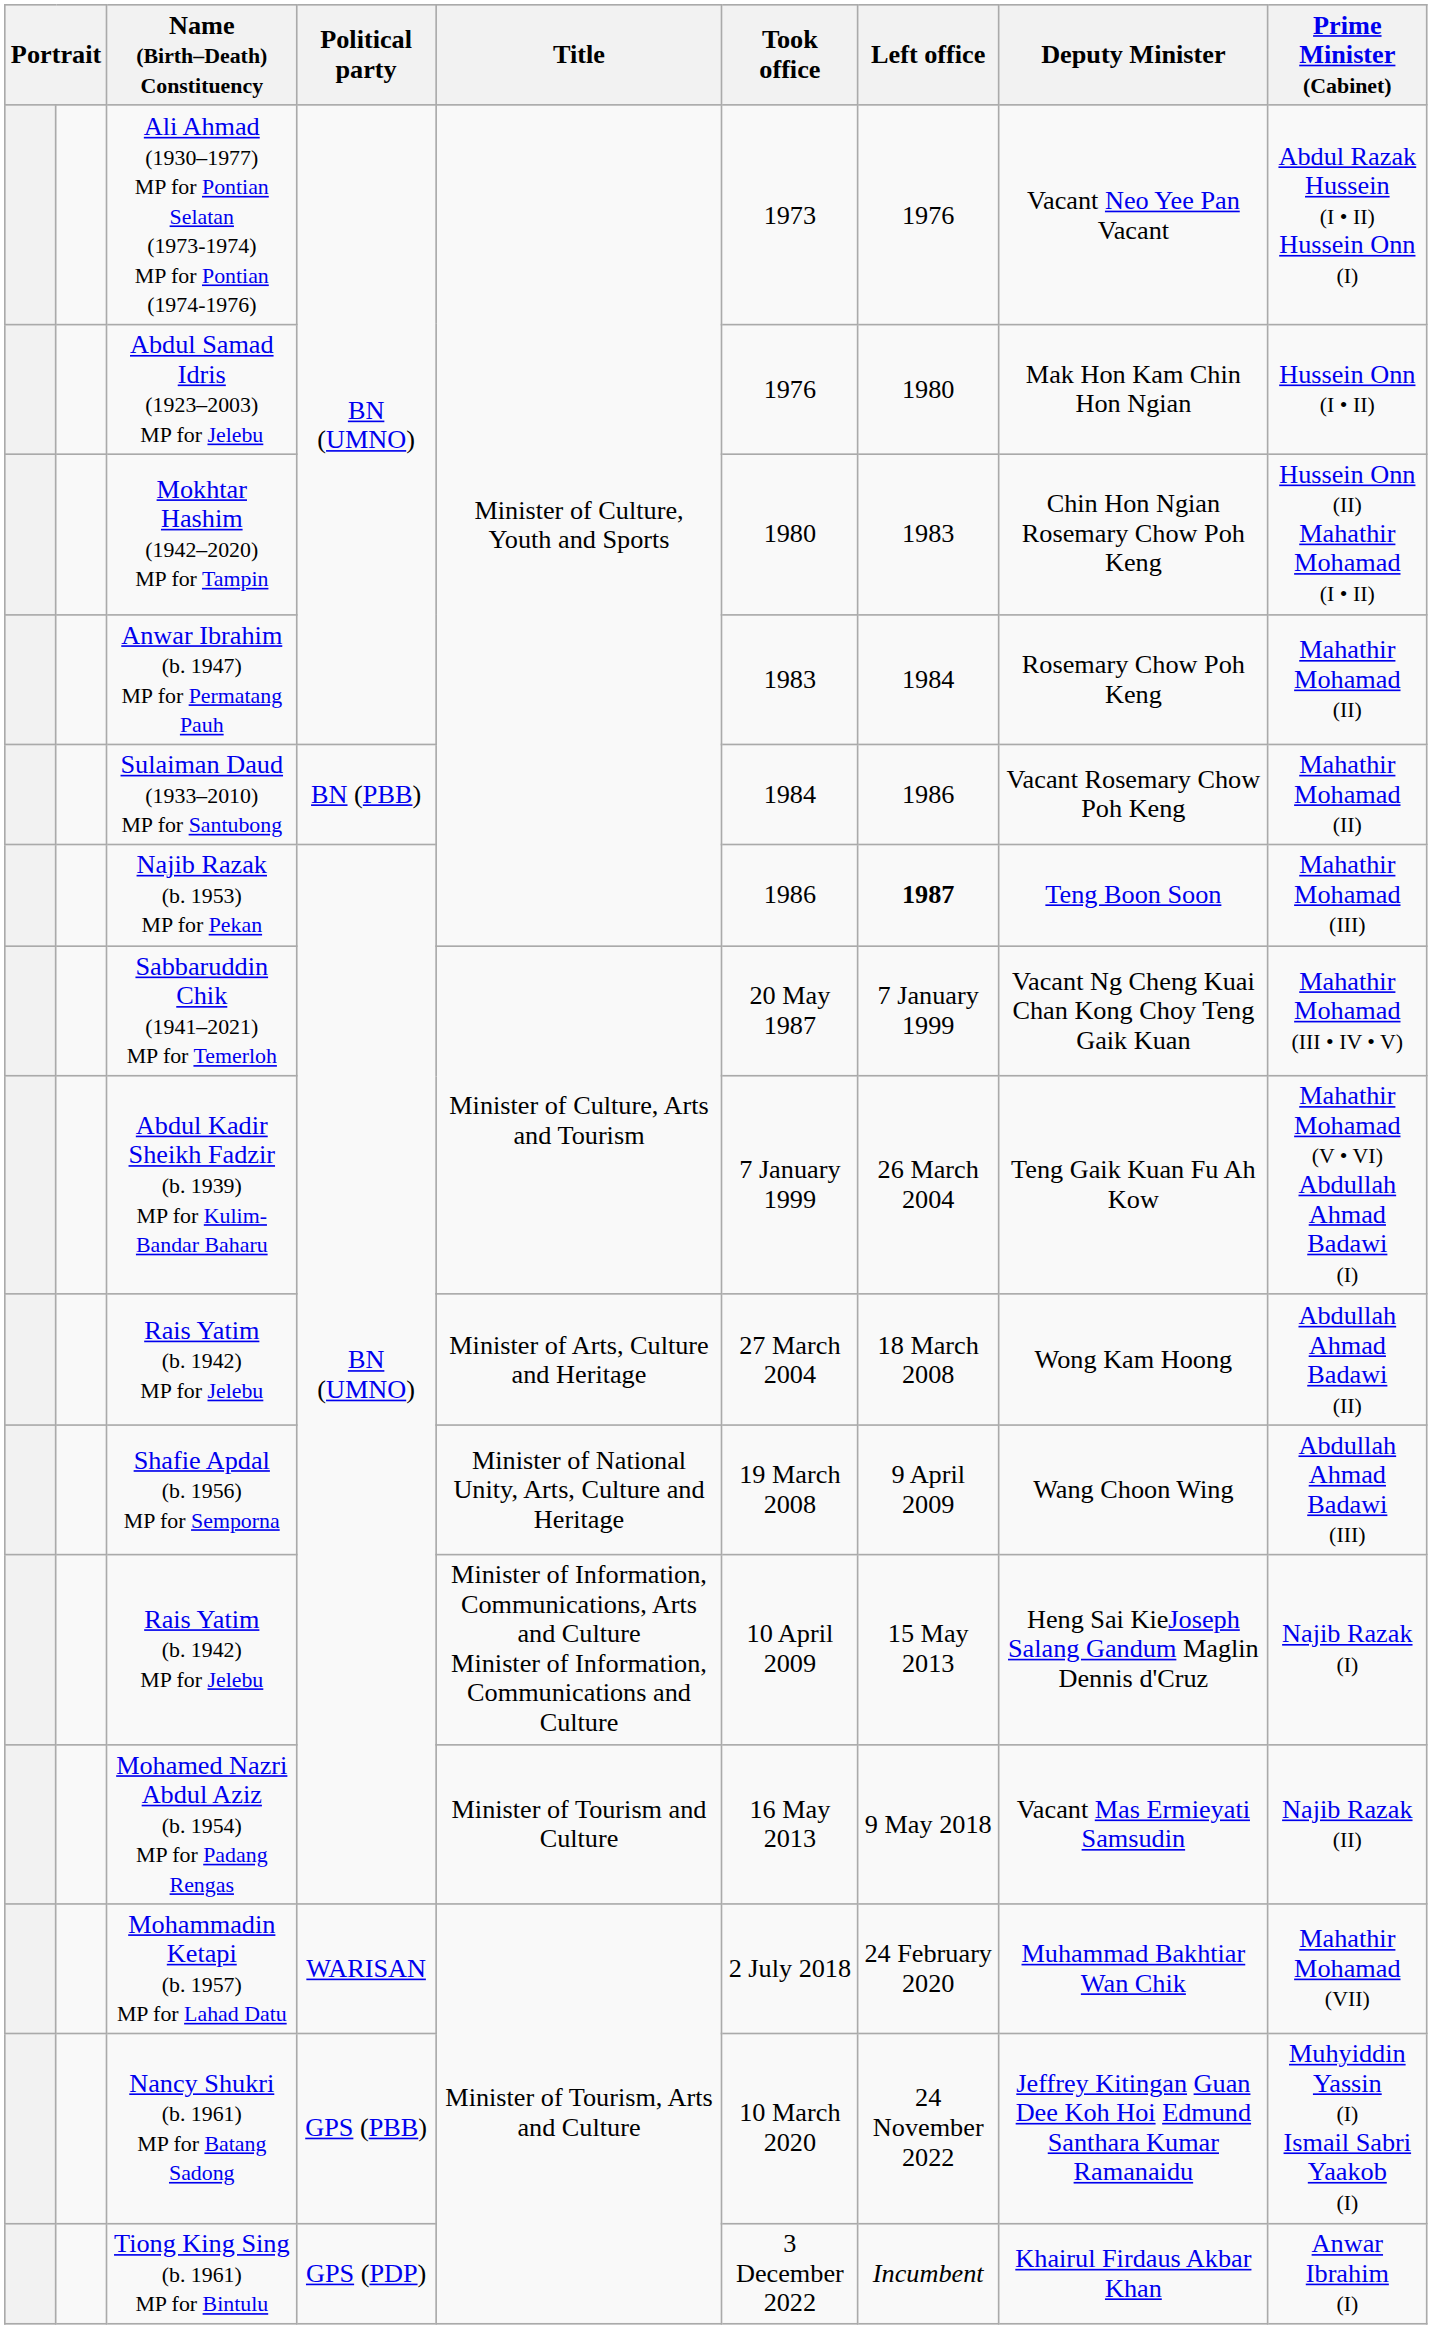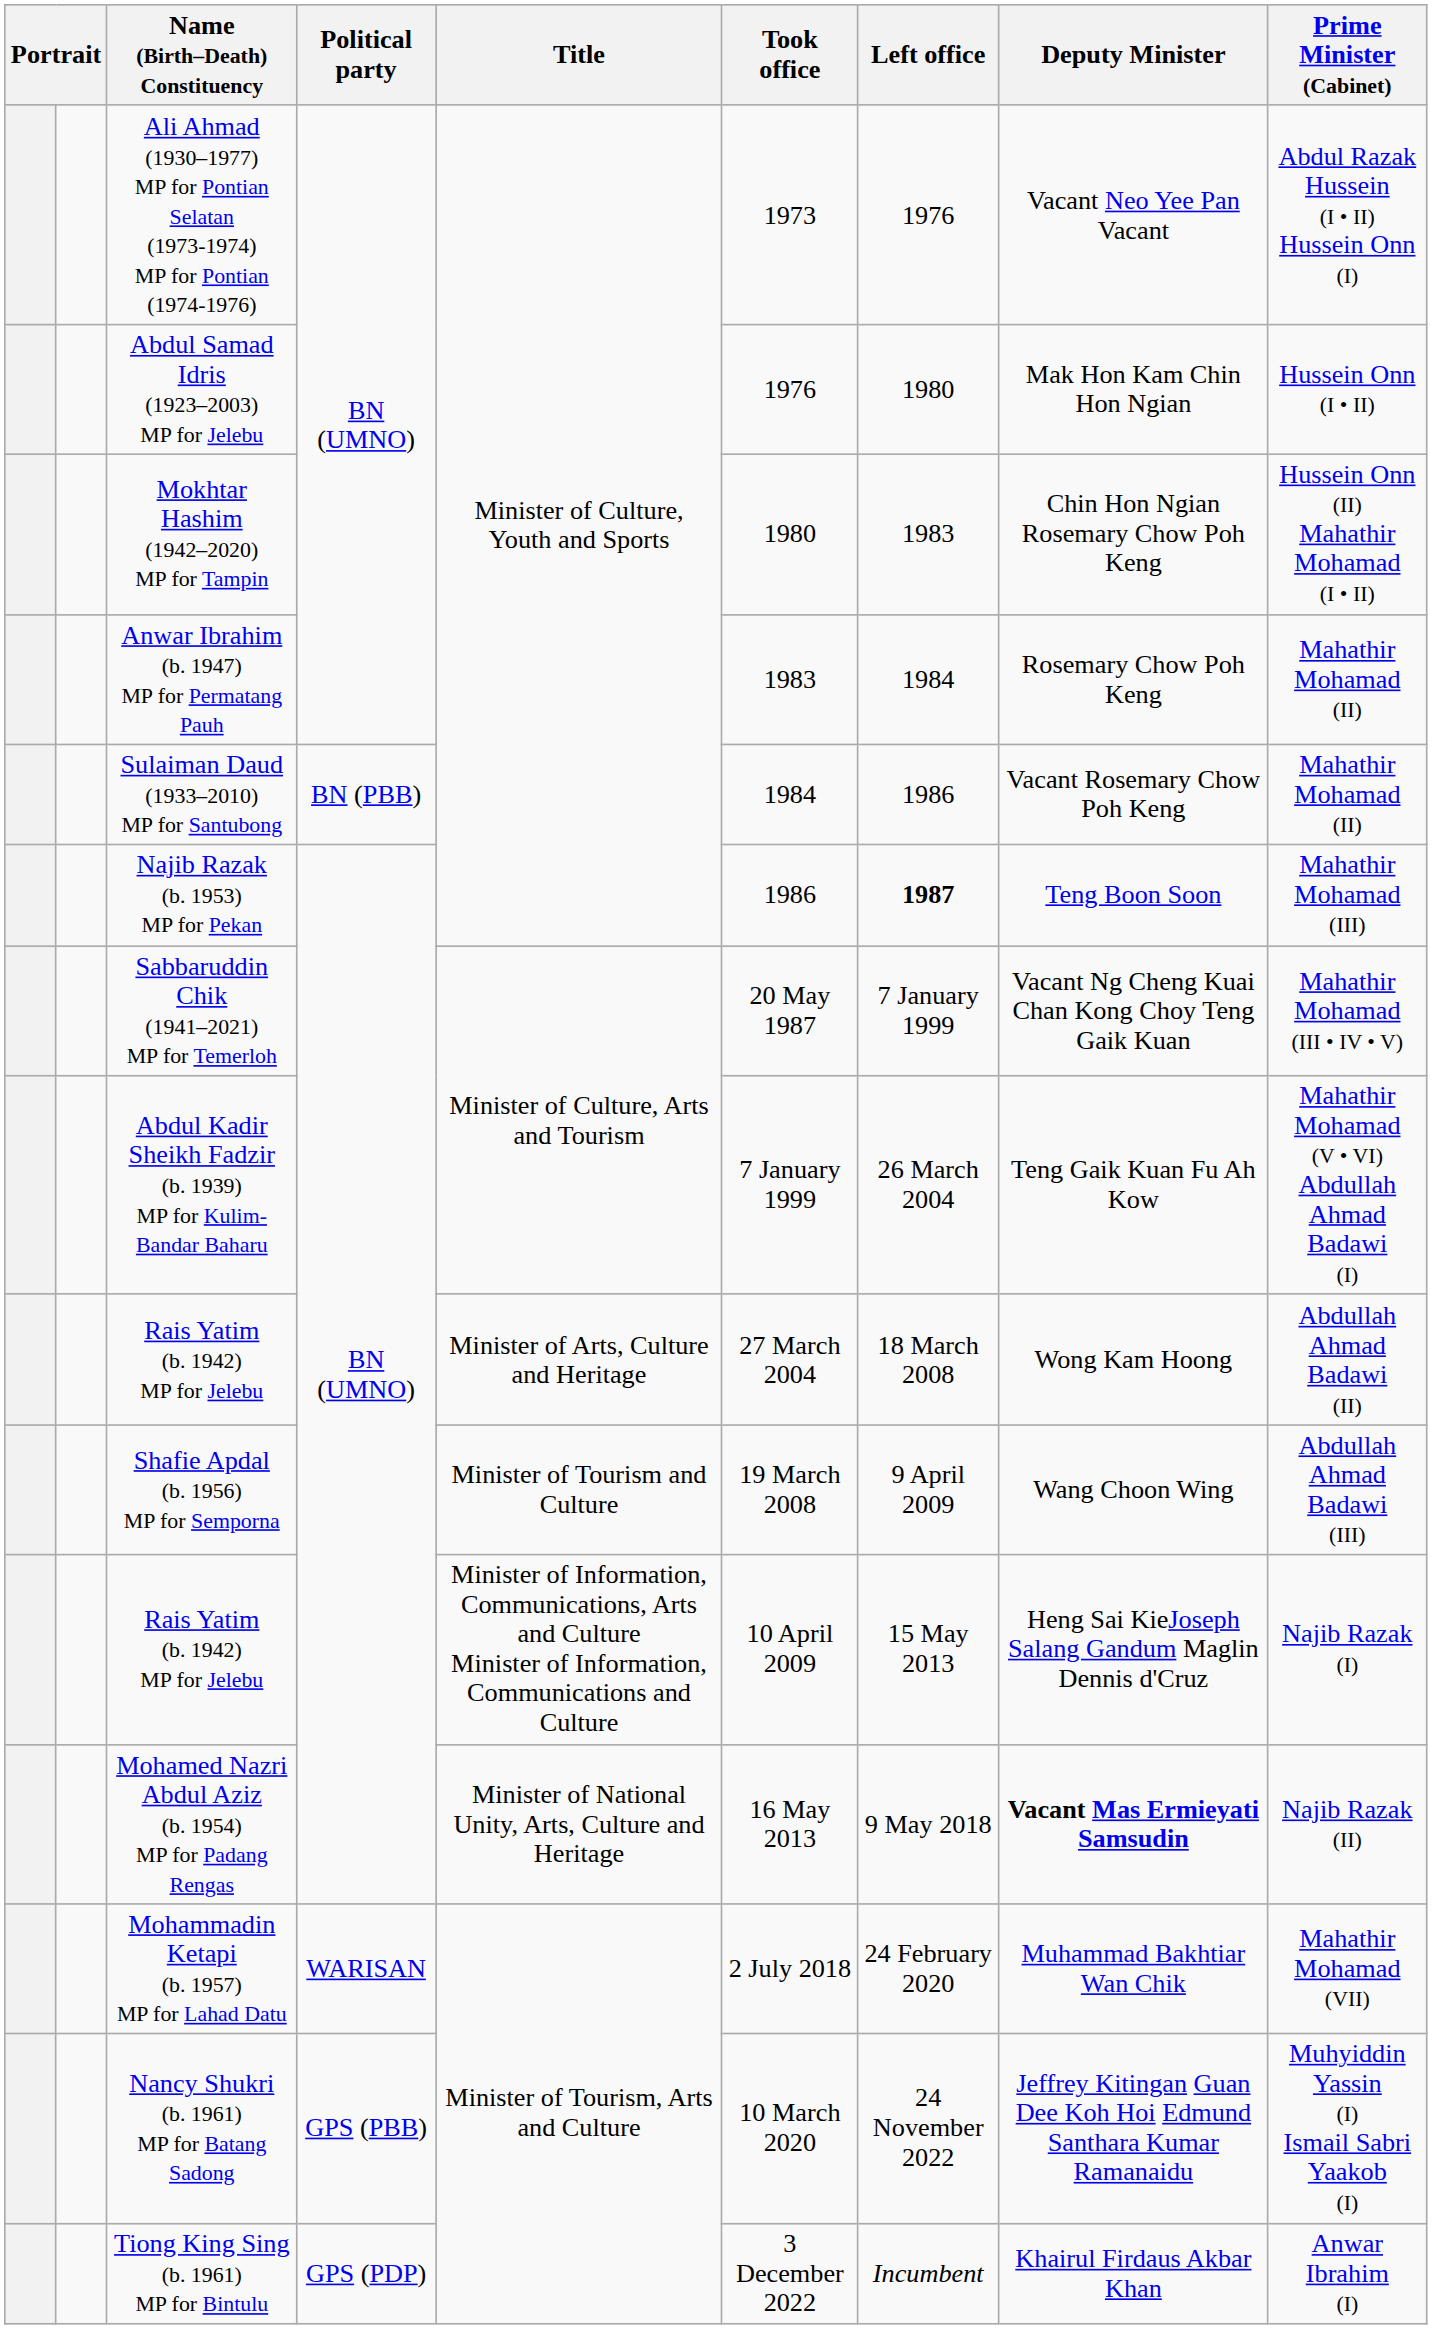 <table class="wikitable" style="text-align:center;">
 <tr>
 <th colspan=2>Portrait</th>
 <th>Name<br><small>(Birth–Death)<br>Constituency</small></th>
 <th>Political party</th>
 <th>Title</th>
 <th>Took office</th>
 <th>Left office</th>
 <th>Deputy Minister</th>
 <th><a href='#'>Prime Minister</a><br><small>(Cabinet)</small></th>
 </tr>
 <tr>
 <th style="background:"></th>
 <td></td>
 <td><a href='#'>Ali Ahmad</a><br><small>(1930–1977)<br>MP for <a href='#'>Pontian Selatan</a></small> <br><small>(1973-1974)<br>MP for <a href='#'>Pontian</a></small> <br><small> (1974-1976)</small></td>
 <td rowspan=4><a href='#'>BN</a> (<a href='#'>UMNO</a>)</td>
 <td rowspan=6>Minister of Culture, Youth and Sports</td>
 <td>1973</td>
 <td>1976</td>
 <td>Vacant  <a href='#'>Neo Yee Pan</a>  Vacant </td>
 <td><a href='#'>Abdul Razak Hussein</a><br><small>(I • II)</small><br><a href='#'>Hussein Onn</a><br><small>(I)</small></td>
 </tr>
 <tr>
 <th style="background:"></th>
 <td></td>
 <td><a href='#'>Abdul Samad Idris</a><br><small>(1923–2003)<br>MP for <a href='#'>Jelebu</a></small></td>
 <td>1976</td>
 <td>1980</td>
 <td>Mak Hon Kam  Chin Hon Ngian </td>
 <td><a href='#'>Hussein Onn</a><br><small>(I • II)</small></td>
 </tr>
 <tr>
 <th style="background:"></th>
 <td></td>
 <td><a href='#'>Mokhtar Hashim</a><br><small>(1942–2020)<br>MP for <a href='#'>Tampin</a></small></td>
 <td>1980</td>
 <td>1983</td>
 <td>Chin Hon Ngian  Rosemary Chow Poh Keng </td>
 <td><a href='#'>Hussein Onn</a><br><small>(II)</small><br><a href='#'>Mahathir Mohamad</a><br><small>(I • II)</small></td>
 </tr>
 <tr>
 <th style="background:"></th>
 <td></td>
 <td><a href='#'>Anwar Ibrahim</a><br><small>(b. 1947)<br>MP for <a href='#'>Permatang Pauh</a></small></td>
 <td>1983</td>
 <td>1984</td>
 <td>Rosemary Chow Poh Keng</td>
 <td><a href='#'>Mahathir Mohamad</a><br><small>(II)</small></td>
 </tr>
 <tr>
 <th style="background:"></th>
 <td></td>
 <td><a href='#'>Sulaiman Daud</a><br><small>(1933–2010)<br>MP for <a href='#'>Santubong</a></small></td>
 <td><a href='#'>BN</a> (<a href='#'>PBB</a>)</td>
 <td>1984</td>
 <td>1986</td>
 <td>Vacant  Rosemary Chow Poh Keng </td>
 <td><a href='#'>Mahathir Mohamad</a><br><small>(II)</small></td>
 </tr>
 <tr>
 <th style="background:"></th>
 <td></td>
 <td><a href='#'>Najib Razak</a><br><small>(b. 1953)<br>MP for <a href='#'>Pekan</a></small></td>
 <td rowspan=7><a href='#'>BN</a> (<a href='#'>UMNO</a>)</td>
 <td>1986</td>
 <td><strong>1987</strong></td>
 <td><a href='#'>Teng Boon Soon</a></td>
 <td><a href='#'>Mahathir Mohamad</a><br><small>(III)</small></td>
 </tr>
 <tr>
 <th style="background:"></th>
 <td></td>
 <td><a href='#'>Sabbaruddin Chik</a><br><small>(1941–2021)<br>MP for <a href='#'>Temerloh</a></small></td>
 <td rowspan=2>Minister of Culture, Arts and Tourism</td>
 <td>20 May 1987</td>
 <td>7 January 1999</td>
 <td>Vacant  Ng Cheng Kuai Chan Kong Choy Teng Gaik Kuan</td>
 <td><a href='#'>Mahathir Mohamad</a><br><small>(III • IV • V)</small></td>
 </tr>
 <tr>
 <th style="background:"></th>
 <td></td>
 <td><a href='#'>Abdul Kadir Sheikh Fadzir</a><br><small>(b. 1939)<br>MP for <a href='#'>Kulim-Bandar Baharu</a></small></td>
 <td>7 January 1999</td>
 <td>26 March 2004</td>
 <td>Teng Gaik Kuan Fu Ah Kow </td>
 <td><a href='#'>Mahathir Mohamad</a><br><small>(V • VI)</small><br><a href='#'>Abdullah Ahmad Badawi</a><br><small>(I)</small></td>
 </tr>
 <tr>
 <th style="background:"></th>
 <td></td>
 <td><a href='#'>Rais Yatim</a><br><small>(b. 1942)<br>MP for <a href='#'>Jelebu</a></small></td>
 <td>Minister of Arts, Culture and Heritage</td>
 <td>27 March 2004</td>
 <td>18 March 2008</td>
 <td>Wong Kam Hoong</td>
 <td><a href='#'>Abdullah Ahmad Badawi</a><br><small>(II)</small></td>
 </tr>
 <tr>
 <th style="background:"></th>
 <td></td>
 <td><a href='#'>Shafie Apdal</a><br><small>(b. 1956)<br>MP for <a href='#'>Semporna</a></small></td>
-<td>Minister of National Unity, Arts, Culture and Heritage</td>
+<td>Minister of Tourism and Culture</td>
 <td>19 March 2008</td>
 <td>9 April 2009</td>
 <td>Wang Choon Wing</td>
 <td><a href='#'>Abdullah Ahmad Badawi</a><br><small>(III)</small></td>
 </tr>
 <tr>
 <th style="background:"></th>
 <td></td>
 <td><a href='#'>Rais Yatim</a><br><small>(b. 1942)<br>MP for <a href='#'>Jelebu</a></small></td>
 <td>Minister of Information, Communications, Arts and Culture<br>Minister of Information, Communications and Culture</td>
 <td>10 April 2009</td>
 <td>15 May 2013</td>
 <td>Heng Sai Kie<a href='#'>Joseph Salang Gandum</a> Maglin Dennis d'Cruz</td>
 <td><a href='#'>Najib Razak</a><br><small>(I)</small></td>
 </tr>
 <tr>
 <th style="background:"></th>
 <td></td>
 <td><a href='#'>Mohamed Nazri Abdul Aziz</a><br><small>(b. 1954)<br>MP for <a href='#'>Padang Rengas</a></small></td>
-<td>Minister of Tourism and Culture</td>
+<td>Minister of National Unity, Arts, Culture and Heritage</td>
 <td>16 May 2013</td>
 <td>9 May 2018</td>
-<td>Vacant  <a href='#'>Mas Ermieyati Samsudin</a></td>
+<td><strong>Vacant  <a href='#'>Mas Ermieyati Samsudin</a></strong></td>
 <td><a href='#'>Najib Razak</a><br><small>(II)</small></td>
 </tr>
 <tr>
 <th style="background:"></th>
 <td></td>
 <td><a href='#'>Mohammadin Ketapi</a><br><small>(b. 1957)<br>MP for <a href='#'>Lahad Datu</a></small></td>
 <td><a href='#'>WARISAN</a></td>
 <td rowspan=3>Minister of Tourism, Arts and Culture</td>
 <td>2 July 2018</td>
 <td>24 February 2020</td>
 <td><a href='#'>Muhammad Bakhtiar Wan Chik</a></td>
 <td><a href='#'>Mahathir Mohamad</a><br><small>(VII)</small></td>
 </tr>
 <tr>
 <th style="background:"></th>
 <td></td>
 <td><a href='#'>Nancy Shukri</a><br><small>(b. 1961)<br>MP for <a href='#'>Batang Sadong</a></small></td>
 <td><a href='#'>GPS</a> (<a href='#'>PBB</a>)</td>
 <td>10 March 2020</td>
 <td>24 November 2022</td>
 <td><a href='#'>Jeffrey Kitingan</a>  <a href='#'>Guan Dee Koh Hoi</a>   <a href='#'>Edmund Santhara Kumar Ramanaidu</a> </td>
 <td><a href='#'>Muhyiddin Yassin</a><br><small>(I)</small><br><a href='#'>Ismail Sabri Yaakob</a><br><small>(I)</small></td>
 </tr>
 <tr>
 <th style="background:"></th>
 <td></td>
 <td><a href='#'>Tiong King Sing</a><br><small>(b. 1961)<br>MP for <a href='#'>Bintulu</a></small></td>
 <td><a href='#'>GPS</a> (<a href='#'>PDP</a>)</td>
 <td>3 December 2022</td>
 <td><em>Incumbent</em></td>
 <td><a href='#'>Khairul Firdaus Akbar Khan</a></td>
 <td><a href='#'>Anwar Ibrahim</a><br><small>(I)</small></td>
 </tr>
 </table>
